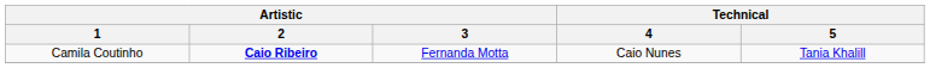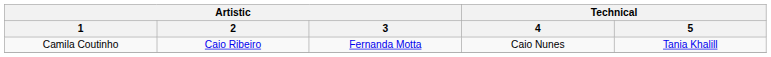 <table class="wikitable" style="font-size:90%; line-height:16px; text-align:center" width="85%">
 <tr>
 <th colspan=3>Artistic</th>
 <th colspan=2>Technical</th>
 </tr>
 <tr>
 <th>1</th>
 <th>2</th>
 <th>3</th>
 <th>4</th>
 <th>5</th>
 </tr>
 <tr>
 <td width=150>Camila Coutinho</td>
-<td width=150><strong><a href='#'>Caio Ribeiro</a></strong></td>
+<td width=150><a href='#'>Caio Ribeiro</a></td>
 <td width=150><a href='#'>Fernanda Motta</a></td>
 <td width=150>Caio Nunes</td>
 <td width=150><a href='#'>Tania Khalill</a></td>
 </tr>
 <tr>
 </tr>
 </table>
